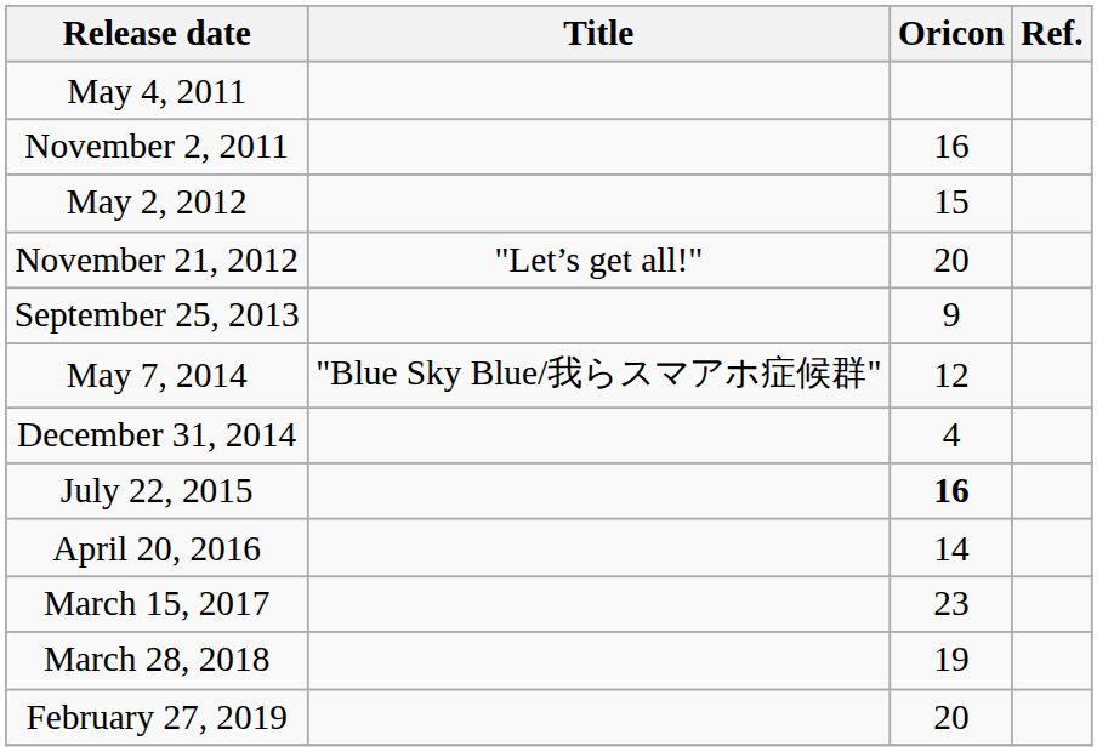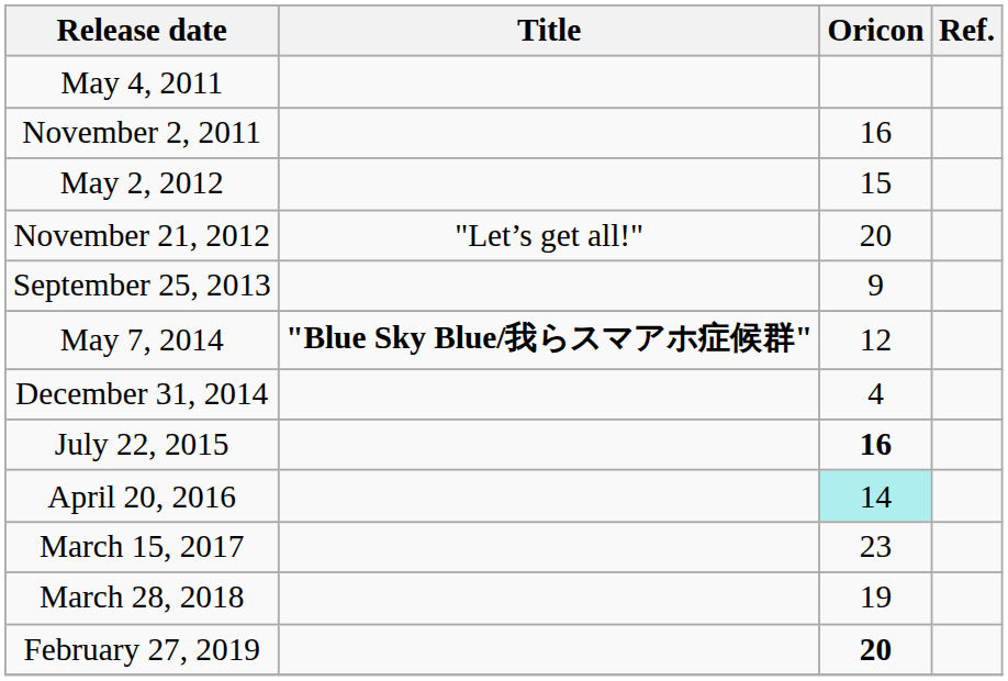 <table class="wikitable plainrowheaders" style="text-align: center">
 <tr>
 <th>Release date</th>
 <th>Title</th>
 <th>Oricon</th>
 <th>Ref.</th>
 </tr>
 <tr>
 <td>May 4, 2011</td>
 <td></td>
 <td></td>
 <td></td>
 </tr>
 <tr>
 <td>November 2, 2011</td>
 <td></td>
 <td>16</td>
 <td></td>
 </tr>
 <tr>
 <td>May 2, 2012</td>
 <td></td>
 <td>15</td>
 <td></td>
 </tr>
 <tr>
 <td>November 21, 2012</td>
 <td>"Let’s get all!"</td>
 <td>20</td>
 <td></td>
 </tr>
 <tr>
 <td>September 25, 2013</td>
 <td></td>
 <td>9</td>
 <td></td>
 </tr>
 <tr>
 <td>May 7, 2014</td>
-<td>"Blue Sky Blue/我らスマアホ症候群"</td>
+<td><strong>"Blue Sky Blue/我らスマアホ症候群"</strong></td>
 <td>12</td>
 <td></td>
 </tr>
 <tr>
 <td>December 31, 2014</td>
 <td></td>
 <td>4</td>
 <td></td>
 </tr>
 <tr>
 <td>July 22, 2015</td>
 <td></td>
 <td><strong>16</strong></td>
 <td></td>
 </tr>
 <tr>
 <td>April 20, 2016</td>
 <td></td>
-<td>14</td>
+<td style="background: paleturquoise;">14</td>
 <td></td>
 </tr>
 <tr>
 <td>March 15, 2017</td>
 <td></td>
 <td>23</td>
 <td></td>
 </tr>
 <tr>
 <td>March 28, 2018</td>
 <td></td>
 <td>19</td>
 <td></td>
 </tr>
 <tr>
 <td>February 27, 2019</td>
 <td></td>
-<td>20</td>
+<td><strong>20</strong></td>
 <td></td>
 </tr>
 <tr>
 </tr>
 </table>
